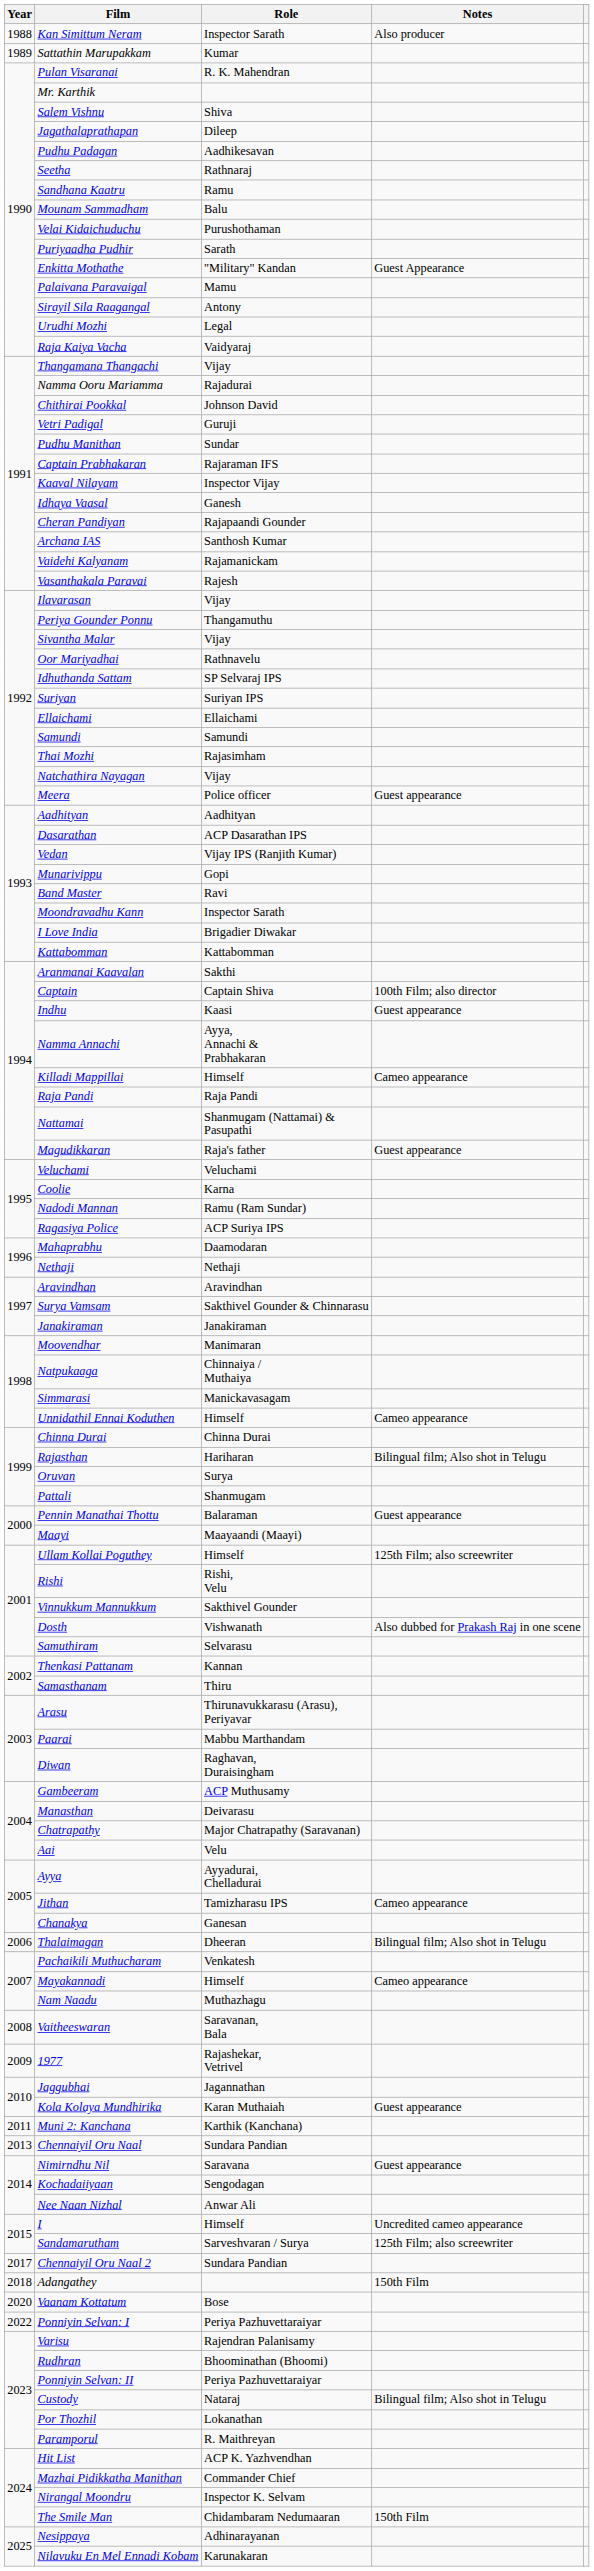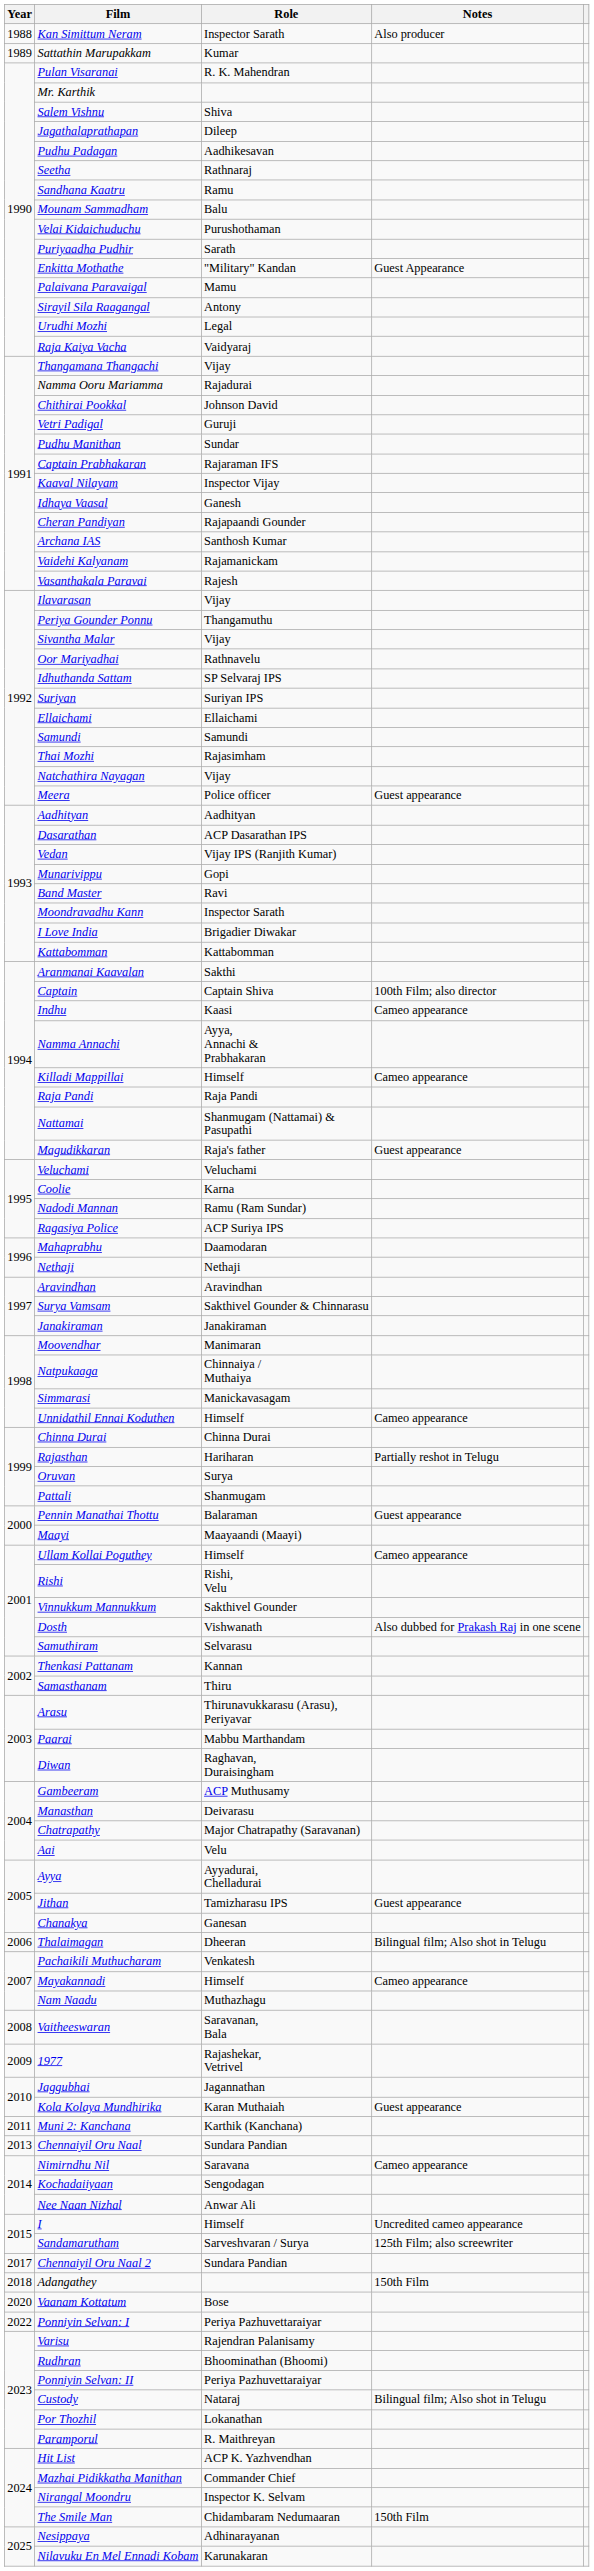 <table class="wikitable sortable">
 <tr style="background:#ccc; text-align:center;">
 <th>Year</th>
 <th>Film</th>
 <th>Role</th>
 <th class=unsortable>Notes</th>
 <th scope="col" class="unsortable"  ></th>
 </tr>
 <tr>
 <td>1988</td>
 <td><em><a href='#'>Kan Simittum Neram</a></em></td>
 <td>Inspector Sarath</td>
 <td>Also producer</td>
 <td></td>
 </tr>
 <tr>
 <td>1989</td>
 <td><em>Sattathin Marupakkam</em></td>
 <td>Kumar</td>
 <td></td>
 <td></td>
 </tr>
 <tr>
 <td rowspan="15">1990</td>
 <td><em><a href='#'>Pulan Visaranai</a></em></td>
 <td>R. K. Mahendran</td>
 <td></td>
 <td></td>
 </tr>
 <tr>
 <td><em>Mr. Karthik</em></td>
 <td></td>
 <td></td>
 <td></td>
 </tr>
 <tr>
 <td><em><a href='#'>Salem Vishnu</a></em></td>
 <td>Shiva</td>
 <td></td>
 <td></td>
 </tr>
 <tr>
 <td><em><a href='#'>Jagathalaprathapan</a></em></td>
 <td>Dileep</td>
 <td></td>
 <td></td>
 </tr>
 <tr>
 <td><em><a href='#'>Pudhu Padagan</a></em></td>
 <td>Aadhikesavan</td>
 <td></td>
 <td></td>
 </tr>
 <tr>
 <td><em><a href='#'>Seetha</a></em></td>
 <td>Rathnaraj</td>
 <td></td>
 <td></td>
 </tr>
 <tr>
 <td><em><a href='#'>Sandhana Kaatru</a></em></td>
 <td>Ramu</td>
 <td></td>
 <td></td>
 </tr>
 <tr>
 <td><em><a href='#'>Mounam Sammadham</a></em></td>
 <td>Balu</td>
 <td></td>
 <td></td>
 </tr>
 <tr>
 <td><em><a href='#'>Velai Kidaichuduchu</a></em></td>
 <td>Purushothaman</td>
 <td></td>
 <td></td>
 </tr>
 <tr>
 <td><em><a href='#'>Puriyaadha Pudhir</a></em></td>
 <td>Sarath</td>
 <td></td>
 <td></td>
 </tr>
 <tr>
 <td><em><a href='#'>Enkitta Mothathe</a></em></td>
 <td>"Military" Kandan</td>
 <td>Guest Appearance</td>
 <td></td>
 </tr>
 <tr>
 <td><em><a href='#'>Palaivana Paravaigal</a></em></td>
 <td>Mamu</td>
 <td></td>
 <td></td>
 </tr>
 <tr>
 <td><em><a href='#'>Sirayil Sila Raagangal</a></em></td>
 <td>Antony</td>
 <td></td>
 <td></td>
 </tr>
 <tr>
 <td><em><a href='#'>Urudhi Mozhi</a></em></td>
 <td>Legal</td>
 <td></td>
 <td></td>
 </tr>
 <tr>
 <td><em><a href='#'>Raja Kaiya Vacha</a></em></td>
 <td>Vaidyaraj</td>
 <td></td>
 <td></td>
 </tr>
 <tr>
 <td rowspan="12">1991</td>
 <td><em><a href='#'>Thangamana Thangachi</a></em></td>
 <td>Vijay</td>
 <td></td>
 <td></td>
 </tr>
 <tr>
 <td><em>Namma Ooru Mariamma</em></td>
 <td>Rajadurai</td>
 <td></td>
 <td></td>
 </tr>
 <tr>
 <td><em><a href='#'>Chithirai Pookkal</a></em></td>
 <td>Johnson David</td>
 <td></td>
 <td></td>
 </tr>
 <tr>
 <td><em><a href='#'>Vetri Padigal</a></em></td>
 <td>Guruji</td>
 <td></td>
 <td></td>
 </tr>
 <tr>
 <td><em><a href='#'>Pudhu Manithan</a></em></td>
 <td>Sundar</td>
 <td></td>
 <td></td>
 </tr>
 <tr>
 <td><em><a href='#'>Captain Prabhakaran</a></em></td>
 <td>Rajaraman IFS</td>
 <td></td>
 <td></td>
 </tr>
 <tr>
 <td><em><a href='#'>Kaaval Nilayam</a></em></td>
 <td>Inspector Vijay</td>
 <td></td>
 <td></td>
 </tr>
 <tr>
 <td><em><a href='#'>Idhaya Vaasal</a></em></td>
 <td>Ganesh</td>
 <td></td>
 <td></td>
 </tr>
 <tr>
 <td><em><a href='#'>Cheran Pandiyan</a></em></td>
 <td>Rajapaandi Gounder</td>
 <td></td>
 <td></td>
 </tr>
 <tr>
 <td><em><a href='#'>Archana IAS</a></em></td>
 <td>Santhosh Kumar</td>
 <td></td>
 <td></td>
 </tr>
 <tr>
 <td><em><a href='#'>Vaidehi Kalyanam</a></em></td>
 <td>Rajamanickam</td>
 <td></td>
 <td></td>
 </tr>
 <tr>
 <td><em><a href='#'>Vasanthakala Paravai</a></em></td>
 <td>Rajesh</td>
 <td></td>
 <td></td>
 </tr>
 <tr>
 <td rowspan="11">1992</td>
 <td><em><a href='#'>Ilavarasan</a></em></td>
 <td>Vijay</td>
 <td></td>
 <td></td>
 </tr>
 <tr>
 <td><em><a href='#'>Periya Gounder Ponnu</a></em></td>
 <td>Thangamuthu</td>
 <td></td>
 <td></td>
 </tr>
 <tr>
 <td><em><a href='#'>Sivantha Malar</a></em></td>
 <td>Vijay</td>
 <td></td>
 <td></td>
 </tr>
 <tr>
 <td><em><a href='#'>Oor Mariyadhai</a></em></td>
 <td>Rathnavelu</td>
 <td></td>
 <td></td>
 </tr>
 <tr>
 <td><em><a href='#'>Idhuthanda Sattam</a></em></td>
 <td>SP Selvaraj IPS</td>
 <td></td>
 <td></td>
 </tr>
 <tr>
 <td><em><a href='#'>Suriyan</a></em></td>
 <td>Suriyan IPS</td>
 <td></td>
 <td></td>
 </tr>
 <tr>
 <td><em><a href='#'>Ellaichami</a></em></td>
 <td>Ellaichami</td>
 <td></td>
 <td></td>
 </tr>
 <tr>
 <td><em><a href='#'>Samundi</a></em></td>
 <td>Samundi</td>
 <td></td>
 <td></td>
 </tr>
 <tr>
 <td><em><a href='#'>Thai Mozhi</a></em></td>
 <td>Rajasimham</td>
 <td></td>
 <td></td>
 </tr>
 <tr>
 <td><em><a href='#'>Natchathira Nayagan</a></em></td>
 <td>Vijay</td>
 <td></td>
 <td></td>
 </tr>
 <tr>
 <td><em><a href='#'>Meera</a></em></td>
 <td>Police officer</td>
 <td>Guest appearance</td>
 <td></td>
 </tr>
 <tr>
 <td rowspan="8">1993</td>
 <td><em><a href='#'>Aadhityan</a></em></td>
 <td>Aadhityan</td>
 <td></td>
 <td></td>
 </tr>
 <tr>
 <td><em><a href='#'>Dasarathan</a></em></td>
 <td>ACP Dasarathan IPS</td>
 <td></td>
 <td></td>
 </tr>
 <tr>
 <td><em><a href='#'>Vedan</a></em></td>
 <td>Vijay IPS (Ranjith Kumar)</td>
 <td></td>
 <td></td>
 </tr>
 <tr>
 <td><em><a href='#'>Munarivippu</a></em></td>
 <td>Gopi</td>
 <td></td>
 <td></td>
 </tr>
 <tr>
 <td><em><a href='#'>Band Master</a></em></td>
 <td>Ravi</td>
 <td></td>
 <td></td>
 </tr>
 <tr>
 <td><em><a href='#'>Moondravadhu Kann</a></em></td>
 <td>Inspector Sarath</td>
 <td></td>
 <td></td>
 </tr>
 <tr>
 <td><em><a href='#'>I Love India</a></em></td>
 <td>Brigadier Diwakar</td>
 <td></td>
 <td></td>
 </tr>
 <tr>
 <td><em><a href='#'>Kattabomman</a></em></td>
 <td>Kattabomman</td>
 <td></td>
 <td></td>
 </tr>
 <tr>
 <td rowspan="8">1994</td>
 <td><em><a href='#'>Aranmanai Kaavalan</a></em></td>
 <td>Sakthi</td>
 <td></td>
 <td></td>
 </tr>
 <tr>
 <td><em><a href='#'>Captain</a></em></td>
 <td>Captain Shiva</td>
 <td>100th Film; also director</td>
 <td></td>
 </tr>
 <tr>
 <td><em><a href='#'>Indhu</a></em></td>
 <td>Kaasi</td>
-<td>Guest appearance</td>
+<td>Cameo appearance</td>
 <td></td>
 </tr>
 <tr>
 <td><em><a href='#'>Namma Annachi</a></em></td>
 <td>Ayya,<br>Annachi &<br>Prabhakaran</td>
 <td></td>
 <td></td>
 </tr>
 <tr>
 <td><em><a href='#'>Killadi Mappillai</a></em></td>
 <td>Himself</td>
 <td>Cameo appearance</td>
 <td></td>
 </tr>
 <tr>
 <td><em><a href='#'>Raja Pandi</a></em></td>
 <td>Raja Pandi</td>
 <td></td>
 <td></td>
 </tr>
 <tr>
 <td><em><a href='#'>Nattamai</a></em></td>
 <td>Shanmugam (Nattamai) &<br>Pasupathi</td>
 <td></td>
 <td></td>
 </tr>
 <tr>
 <td><em><a href='#'>Magudikkaran</a></em></td>
 <td>Raja's father</td>
 <td>Guest appearance</td>
 <td></td>
 </tr>
 <tr>
 <td rowspan="4">1995</td>
 <td><em><a href='#'>Veluchami</a></em></td>
 <td>Veluchami</td>
 <td></td>
 <td></td>
 </tr>
 <tr>
 <td><em><a href='#'>Coolie</a></em></td>
 <td>Karna</td>
 <td></td>
 <td></td>
 </tr>
 <tr>
 <td><em><a href='#'>Nadodi Mannan</a></em></td>
 <td>Ramu (Ram Sundar)</td>
 <td></td>
 <td></td>
 </tr>
 <tr>
 <td><em><a href='#'>Ragasiya Police</a></em></td>
 <td>ACP Suriya IPS</td>
 <td></td>
 <td></td>
 </tr>
 <tr>
 <td rowspan="2">1996</td>
 <td><em><a href='#'>Mahaprabhu</a></em></td>
 <td>Daamodaran</td>
 <td></td>
 <td></td>
 </tr>
 <tr>
 <td><em><a href='#'>Nethaji</a></em></td>
 <td>Nethaji</td>
 <td></td>
 <td></td>
 </tr>
 <tr>
 <td rowspan="3">1997</td>
 <td><em><a href='#'>Aravindhan</a></em></td>
 <td>Aravindhan</td>
 <td></td>
 <td></td>
 </tr>
 <tr>
 <td><em><a href='#'>Surya Vamsam</a></em></td>
 <td>Sakthivel Gounder & Chinnarasu</td>
 <td></td>
 <td></td>
 </tr>
 <tr>
 <td><em><a href='#'>Janakiraman</a></em></td>
 <td>Janakiraman</td>
 <td></td>
 <td></td>
 </tr>
 <tr>
 <td rowspan="4">1998</td>
 <td><em><a href='#'>Moovendhar</a></em></td>
 <td>Manimaran</td>
 <td></td>
 <td></td>
 </tr>
 <tr>
 <td><em><a href='#'>Natpukaaga</a></em></td>
 <td>Chinnaiya /<br>Muthaiya</td>
 <td></td>
 <td></td>
 </tr>
 <tr>
 <td><em><a href='#'>Simmarasi</a></em></td>
 <td>Manickavasagam</td>
 <td></td>
 <td></td>
 </tr>
 <tr>
 <td><em><a href='#'>Unnidathil Ennai Koduthen</a></em></td>
 <td>Himself</td>
 <td>Cameo appearance</td>
 <td></td>
 </tr>
 <tr>
 <td rowspan="4">1999</td>
 <td><em><a href='#'>Chinna Durai</a></em></td>
 <td>Chinna Durai</td>
 <td></td>
 <td></td>
 </tr>
 <tr>
 <td><em><a href='#'>Rajasthan</a></em></td>
 <td>Hariharan</td>
-<td>Bilingual film; Also shot in Telugu</td>
+<td>Partially reshot in Telugu</td>
 <td></td>
 </tr>
 <tr>
 <td><em><a href='#'>Oruvan</a></em></td>
 <td>Surya</td>
 <td></td>
 <td></td>
 </tr>
 <tr>
 <td><em><a href='#'>Pattali</a></em></td>
 <td>Shanmugam</td>
 <td></td>
 <td></td>
 </tr>
 <tr>
 <td rowspan="2">2000</td>
 <td><em><a href='#'>Pennin Manathai Thottu</a></em></td>
 <td>Balaraman</td>
 <td>Guest appearance</td>
 <td></td>
 </tr>
 <tr>
 <td><em><a href='#'>Maayi</a></em></td>
 <td>Maayaandi (Maayi)</td>
 <td></td>
 <td></td>
 </tr>
 <tr>
 <td rowspan="5">2001</td>
 <td><em><a href='#'>Ullam Kollai Poguthey</a></em></td>
 <td>Himself</td>
-<td>125th Film; also screewriter</td>
+<td>Cameo appearance</td>
 <td></td>
 </tr>
 <tr>
 <td><em><a href='#'>Rishi</a></em></td>
 <td>Rishi,<br>Velu</td>
 <td></td>
 <td></td>
 </tr>
 <tr>
 <td><em><a href='#'>Vinnukkum Mannukkum</a></em></td>
 <td>Sakthivel Gounder</td>
 <td></td>
 <td></td>
 </tr>
 <tr>
 <td><em><a href='#'>Dosth</a></em></td>
 <td>Vishwanath</td>
 <td>Also dubbed for <a href='#'>Prakash Raj</a> in one scene</td>
 <td></td>
 </tr>
 <tr>
 <td><em><a href='#'>Samuthiram</a></em></td>
 <td>Selvarasu</td>
 <td></td>
 <td></td>
 </tr>
 <tr>
 <td rowspan="2">2002</td>
 <td><em><a href='#'>Thenkasi Pattanam</a></em></td>
 <td>Kannan</td>
 <td></td>
 <td></td>
 </tr>
 <tr>
 <td><em><a href='#'>Samasthanam</a></em></td>
 <td>Thiru</td>
 <td></td>
 <td></td>
 </tr>
 <tr>
 <td rowspan="3">2003</td>
 <td><em><a href='#'>Arasu</a></em></td>
 <td>Thirunavukkarasu (Arasu),<br>Periyavar</td>
 <td></td>
 <td></td>
 </tr>
 <tr>
 <td><em><a href='#'>Paarai</a></em></td>
 <td>Mabbu Marthandam</td>
 <td></td>
 <td></td>
 </tr>
 <tr>
 <td><em><a href='#'>Diwan</a></em></td>
 <td>Raghavan,<br>Duraisingham</td>
 <td></td>
 <td></td>
 </tr>
 <tr>
 <td rowspan="4">2004</td>
 <td><em><a href='#'>Gambeeram</a></em></td>
 <td><a href='#'>ACP</a> Muthusamy</td>
 <td></td>
 <td></td>
 </tr>
 <tr>
 <td><em><a href='#'>Manasthan</a></em></td>
 <td>Deivarasu</td>
 <td></td>
 <td></td>
 </tr>
 <tr>
 <td><em><a href='#'>Chatrapathy</a></em></td>
 <td>Major Chatrapathy (Saravanan)</td>
 <td></td>
 <td></td>
 </tr>
 <tr>
 <td><em><a href='#'>Aai</a></em></td>
 <td>Velu</td>
 <td></td>
 <td></td>
 </tr>
 <tr>
 <td rowspan="3">2005</td>
 <td><em><a href='#'>Ayya</a></em></td>
 <td>Ayyadurai,<br>Chelladurai</td>
 <td></td>
 <td></td>
 </tr>
 <tr>
 <td><em><a href='#'>Jithan</a></em></td>
 <td>Tamizharasu IPS</td>
-<td>Cameo appearance</td>
+<td>Guest appearance</td>
 <td></td>
 </tr>
 <tr>
 <td><em><a href='#'>Chanakya</a></em></td>
 <td>Ganesan</td>
 <td></td>
 <td></td>
 </tr>
 <tr>
 <td>2006</td>
 <td><em><a href='#'>Thalaimagan</a></em></td>
 <td>Dheeran</td>
 <td>Bilingual film; Also shot in Telugu</td>
 <td></td>
 </tr>
 <tr>
 <td rowspan="3">2007</td>
 <td><em><a href='#'>Pachaikili Muthucharam</a></em></td>
 <td>Venkatesh</td>
 <td></td>
 <td></td>
 </tr>
 <tr>
 <td><em><a href='#'>Mayakannadi</a></em></td>
 <td>Himself</td>
 <td>Cameo appearance</td>
 <td></td>
 </tr>
 <tr>
 <td><em><a href='#'>Nam Naadu</a></em></td>
 <td>Muthazhagu</td>
 <td></td>
 <td></td>
 </tr>
 <tr>
 <td>2008</td>
 <td><em><a href='#'>Vaitheeswaran</a></em></td>
 <td>Saravanan,<br>Bala</td>
 <td></td>
 <td></td>
 </tr>
 <tr>
 <td>2009</td>
 <td><em><a href='#'>1977</a></em></td>
 <td>Rajashekar,<br>Vetrivel</td>
 <td></td>
 <td></td>
 </tr>
 <tr>
 <td rowspan="2">2010</td>
 <td><em><a href='#'>Jaggubhai</a></em></td>
 <td>Jagannathan</td>
 <td></td>
 <td></td>
 </tr>
 <tr>
 <td><em><a href='#'>Kola Kolaya Mundhirika</a></em></td>
 <td>Karan Muthaiah</td>
 <td>Guest appearance</td>
 <td></td>
 </tr>
 <tr>
 <td>2011</td>
 <td><em><a href='#'>Muni 2: Kanchana</a></em></td>
 <td>Karthik (Kanchana)</td>
 <td></td>
 <td></td>
 </tr>
 <tr>
 <td>2013</td>
 <td><em><a href='#'>Chennaiyil Oru Naal</a></em></td>
 <td>Sundara Pandian</td>
 <td></td>
 <td></td>
 </tr>
 <tr>
 <td rowspan="3">2014</td>
 <td><em><a href='#'>Nimirndhu Nil</a></em></td>
 <td>Saravana</td>
-<td>Guest appearance</td>
+<td>Cameo appearance</td>
 <td></td>
 </tr>
 <tr>
 <td><em><a href='#'>Kochadaiiyaan</a></em></td>
 <td>Sengodagan</td>
 <td></td>
 <td></td>
 </tr>
 <tr>
 <td><em><a href='#'>Nee Naan Nizhal</a></em></td>
 <td>Anwar Ali</td>
 <td></td>
 <td></td>
 </tr>
 <tr>
 <td rowspan="2">2015</td>
 <td><em><a href='#'>I</a></em></td>
 <td>Himself</td>
 <td>Uncredited cameo appearance</td>
 <td></td>
 </tr>
 <tr>
 <td><em><a href='#'>Sandamarutham</a></em></td>
 <td>Sarveshvaran / Surya</td>
 <td>125th Film; also screewriter</td>
 <td></td>
 </tr>
 <tr>
 <td>2017</td>
 <td><em><a href='#'>Chennaiyil Oru Naal 2</a></em></td>
 <td>Sundara Pandian</td>
 <td></td>
 <td></td>
 </tr>
 <tr>
 <td>2018</td>
 <td><em>Adangathey</em></td>
 <td></td>
 <td>150th Film</td>
 <td></td>
 </tr>
 <tr>
 <td>2020</td>
 <td><em><a href='#'>Vaanam Kottatum</a></em></td>
 <td>Bose</td>
 <td></td>
 <td></td>
 </tr>
 <tr>
 <td>2022</td>
 <td><em><a href='#'>Ponniyin Selvan: I</a></em></td>
 <td>Periya Pazhuvettaraiyar</td>
 <td></td>
 <td></td>
 </tr>
 <tr>
 <td rowspan="6">2023</td>
 <td><em><a href='#'>Varisu</a></em></td>
 <td>Rajendran Palanisamy</td>
 <td></td>
 <td></td>
 </tr>
 <tr>
 <td><em><a href='#'>Rudhran</a></em></td>
 <td>Bhoominathan (Bhoomi)</td>
 <td></td>
 <td></td>
 </tr>
 <tr>
 <td><em><a href='#'>Ponniyin Selvan: II</a></em></td>
 <td>Periya Pazhuvettaraiyar</td>
 <td></td>
 <td></td>
 </tr>
 <tr>
 <td><em><a href='#'>Custody</a></em></td>
 <td>Nataraj</td>
 <td>Bilingual film; Also shot in Telugu</td>
 <td></td>
 </tr>
 <tr>
 <td><em><a href='#'>Por Thozhil</a></em></td>
 <td>Lokanathan</td>
 <td></td>
 <td></td>
 </tr>
 <tr>
 <td><em><a href='#'>Paramporul</a></em></td>
 <td>R. Maithreyan</td>
 <td></td>
 <td></td>
 </tr>
 <tr>
 <td rowspan="4">2024</td>
 <td><em><a href='#'>Hit List</a></em></td>
 <td>ACP K. Yazhvendhan</td>
 <td></td>
 <td></td>
 </tr>
 <tr>
 <td><em><a href='#'>Mazhai Pidikkatha Manithan</a></em></td>
 <td>Commander Chief</td>
 <td></td>
 <td></td>
 </tr>
 <tr>
 <td><em><a href='#'>Nirangal Moondru</a></em></td>
 <td>Inspector K. Selvam</td>
 <td></td>
 <td></td>
 </tr>
 <tr>
 <td><em><a href='#'>The Smile Man</a></em></td>
 <td>Chidambaram Nedumaaran</td>
 <td>150th Film</td>
 <td></td>
 </tr>
 <tr>
 <td rowspan="2">2025</td>
 <td><em><a href='#'>Nesippaya</a></em></td>
 <td>Adhinarayanan</td>
 <td></td>
 <td></td>
 </tr>
 <tr>
 <td><em><a href='#'>Nilavuku En Mel Ennadi Kobam</a></em></td>
 <td>Karunakaran</td>
 <td></td>
 <td><br>   </td>
 </tr>
 </table>
